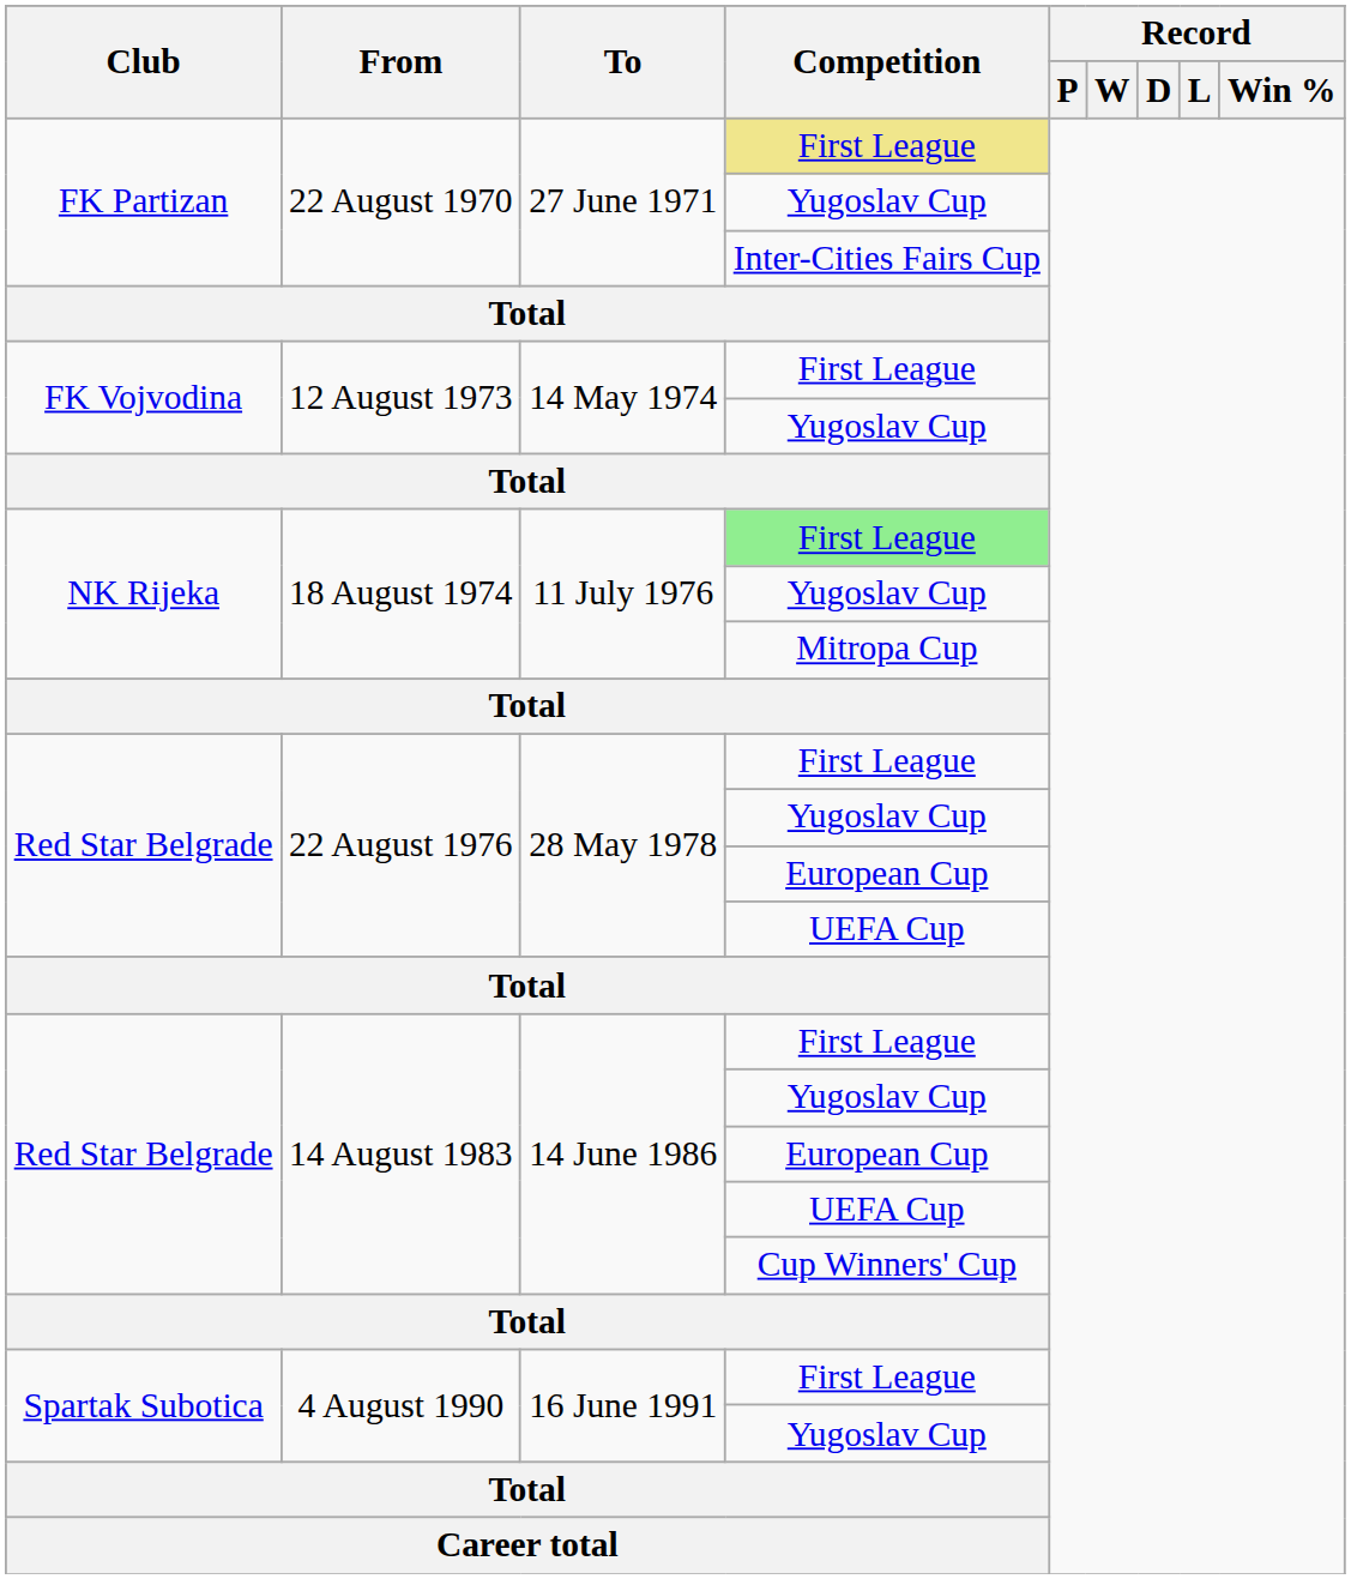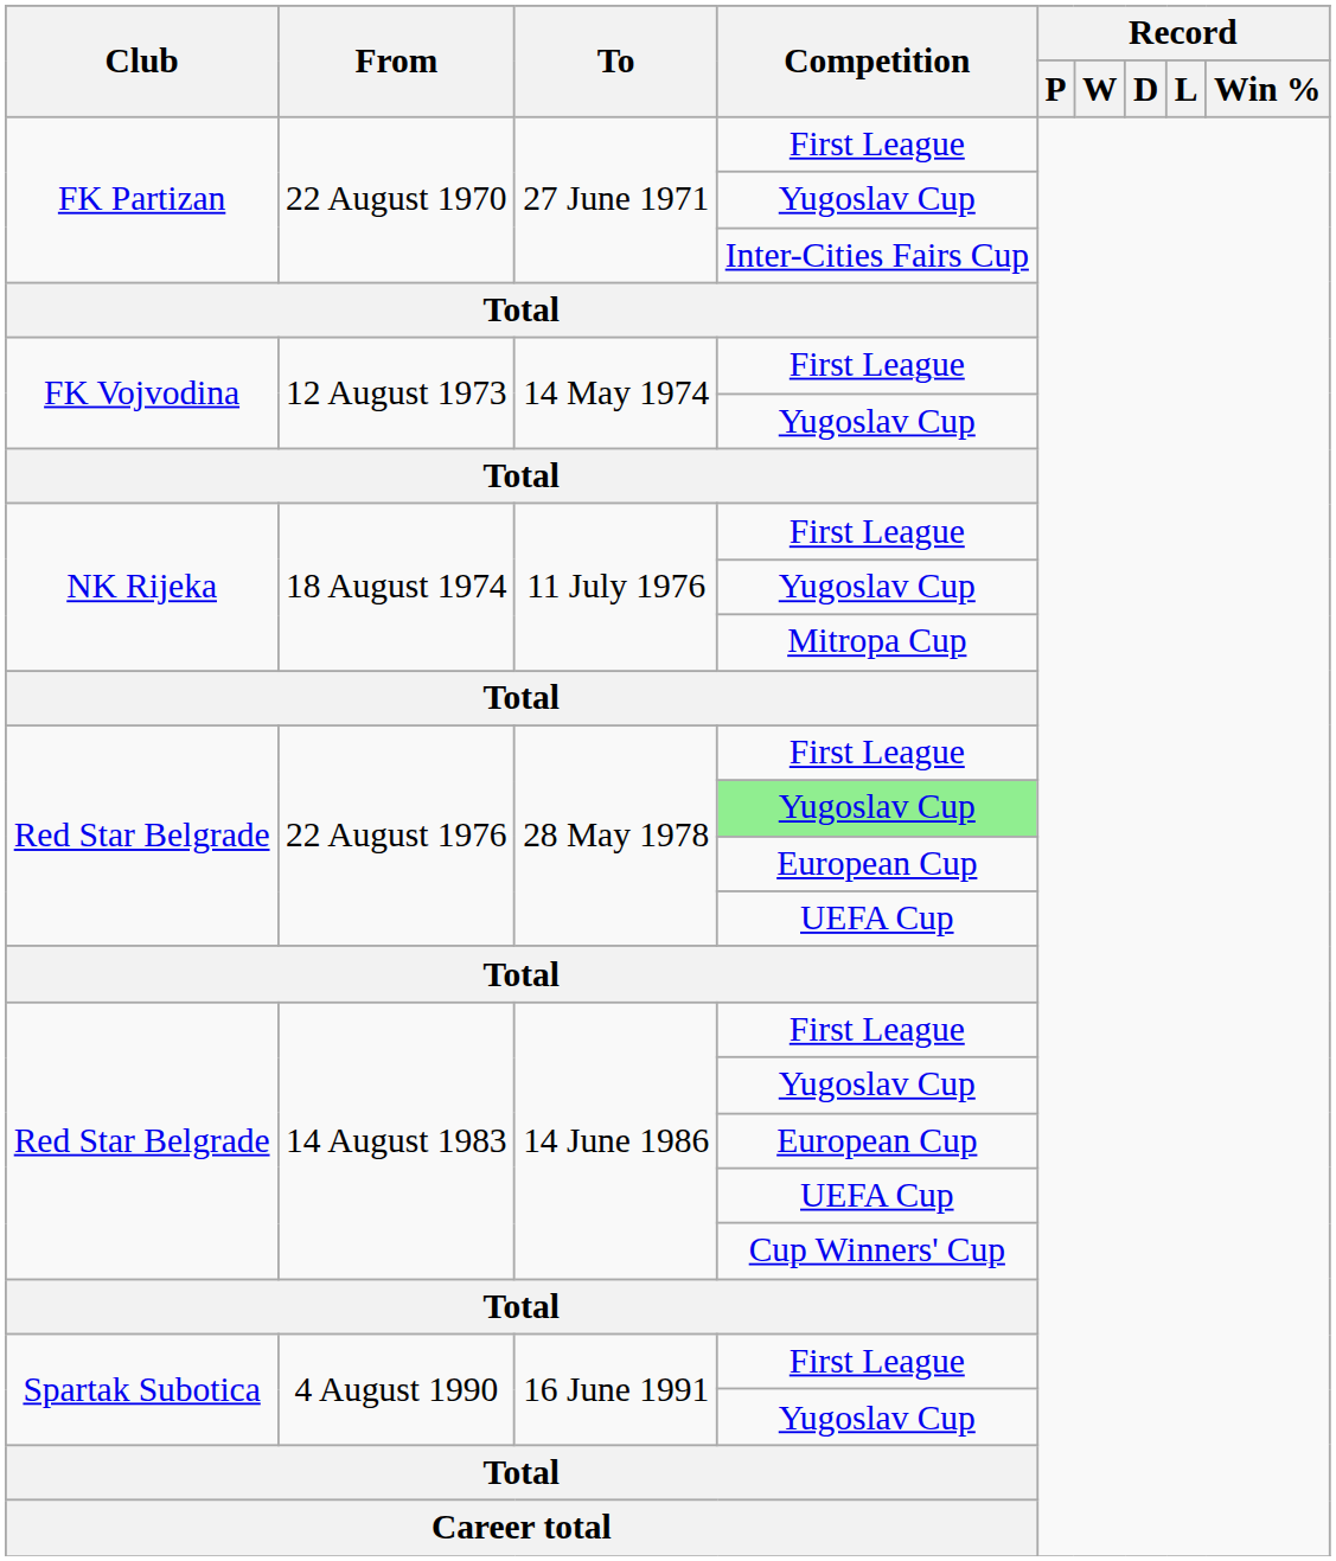 <table class="wikitable" style="text-align:center">
 <tr>
 <th rowspan=2>Club</th>
 <th rowspan=2>From</th>
 <th rowspan=2>To</th>
 <th rowspan=2>Competition</th>
 <th colspan=5>Record</th>
 </tr>
 <tr>
 <th>P</th>
 <th>W</th>
 <th>D</th>
 <th>L</th>
 <th>Win %</th>
 </tr>
 <tr>
 <td rowspan=3><a href='#'>FK Partizan</a></td>
 <td rowspan=3>22 August 1970</td>
 <td rowspan=3>27 June 1971</td>
-<td style="background: khaki;"><a href='#'>First League</a><br></td>
+<td><a href='#'>First League</a><br></td>
 </tr>
 <tr>
 <td><a href='#'>Yugoslav Cup</a><br></td>
 </tr>
 <tr>
 <td><a href='#'>Inter-Cities Fairs Cup</a><br></td>
 </tr>
 <tr>
 <th colspan="4">Total<br></th>
 </tr>
 <tr>
 <td rowspan=2><a href='#'>FK Vojvodina</a></td>
 <td rowspan=2>12 August 1973</td>
 <td rowspan=2>14 May 1974</td>
 <td><a href='#'>First League</a><br></td>
 </tr>
 <tr>
 <td><a href='#'>Yugoslav Cup</a><br></td>
 </tr>
 <tr>
 <th colspan="4">Total<br></th>
 </tr>
 <tr>
 <td rowspan=3><a href='#'>NK Rijeka</a></td>
 <td rowspan=3>18 August 1974</td>
 <td rowspan=3>11 July 1976</td>
-<td style="background: lightgreen;"><a href='#'>First League</a><br></td>
+<td><a href='#'>First League</a><br></td>
 </tr>
 <tr>
 <td><a href='#'>Yugoslav Cup</a><br></td>
 </tr>
 <tr>
 <td><a href='#'>Mitropa Cup</a><br></td>
 </tr>
 <tr>
 <th colspan="4">Total<br></th>
 </tr>
 <tr>
 <td rowspan=4><a href='#'>Red Star Belgrade</a></td>
 <td rowspan=4>22 August 1976</td>
 <td rowspan=4>28 May 1978</td>
 <td><a href='#'>First League</a><br></td>
 </tr>
 <tr>
-<td><a href='#'>Yugoslav Cup</a><br></td>
+<td style="background: lightgreen;"><a href='#'>Yugoslav Cup</a><br></td>
 </tr>
 <tr>
 <td><a href='#'>European Cup</a><br></td>
 </tr>
 <tr>
 <td><a href='#'>UEFA Cup</a><br></td>
 </tr>
 <tr>
 <th colspan="4">Total<br></th>
 </tr>
 <tr>
 <td rowspan=5><a href='#'>Red Star Belgrade</a></td>
 <td rowspan=5>14 August 1983</td>
 <td rowspan=5>14 June 1986</td>
 <td><a href='#'>First League</a><br></td>
 </tr>
 <tr>
 <td><a href='#'>Yugoslav Cup</a><br></td>
 </tr>
 <tr>
 <td><a href='#'>European Cup</a><br></td>
 </tr>
 <tr>
 <td><a href='#'>UEFA Cup</a><br></td>
 </tr>
 <tr>
 <td><a href='#'>Cup Winners' Cup</a><br></td>
 </tr>
 <tr>
 <th colspan="4">Total<br></th>
 </tr>
 <tr>
 <td rowspan=2><a href='#'>Spartak Subotica</a></td>
 <td rowspan=2>4 August 1990</td>
 <td rowspan=2>16 June 1991</td>
 <td><a href='#'>First League</a><br></td>
 </tr>
 <tr>
 <td><a href='#'>Yugoslav Cup</a><br></td>
 </tr>
 <tr>
 <th colspan="4">Total<br></th>
 </tr>
 <tr>
 <th colspan="4">Career total<br></th>
 </tr>
 </table>
